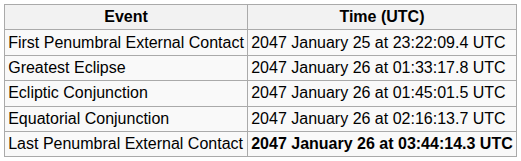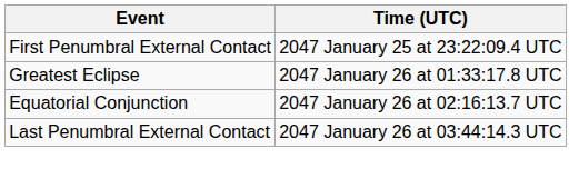 <table class="wikitable">
 <tr>
 <th>Event</th>
 <th>Time (UTC)</th>
 </tr>
 <tr>
 <td>First Penumbral External Contact</td>
 <td>2047 January 25 at 23:22:09.4 UTC</td>
 </tr>
 <tr>
 <td>Greatest Eclipse</td>
 <td>2047 January 26 at 01:33:17.8 UTC</td>
 </tr>
 <tr>
-<td>Ecliptic Conjunction</td>
-<td>2047 January 26 at 01:45:01.5 UTC</td>
-</tr>
-<tr>
 <td>Equatorial Conjunction</td>
 <td>2047 January 26 at 02:16:13.7 UTC</td>
 </tr>
 <tr>
 <td>Last Penumbral External Contact</td>
-<td><strong>2047 January 26 at 03:44:14.3 UTC</strong></td>
+<td>2047 January 26 at 03:44:14.3 UTC</td>
 </tr>
 </table>
